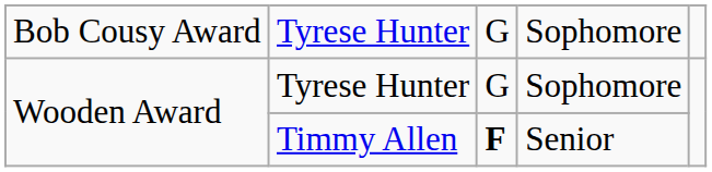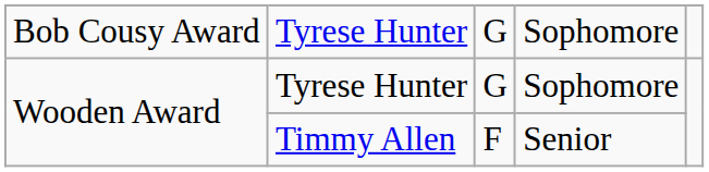 <table class="wikitable">
 <tr>
 <td>Bob Cousy Award</td>
 <td><a href='#'>Tyrese Hunter</a></td>
 <td>G</td>
 <td>Sophomore</td>
 <td></td>
 </tr>
 <tr>
 <td rowspan="2">Wooden Award</td>
 <td>Tyrese Hunter</td>
 <td>G</td>
 <td>Sophomore</td>
 <td rowspan="2"></td>
 </tr>
 <tr>
 <td><a href='#'>Timmy Allen</a></td>
-<td><strong>F</strong></td>
+<td>F</td>
 <td>Senior</td>
 </tr>
 </table>
